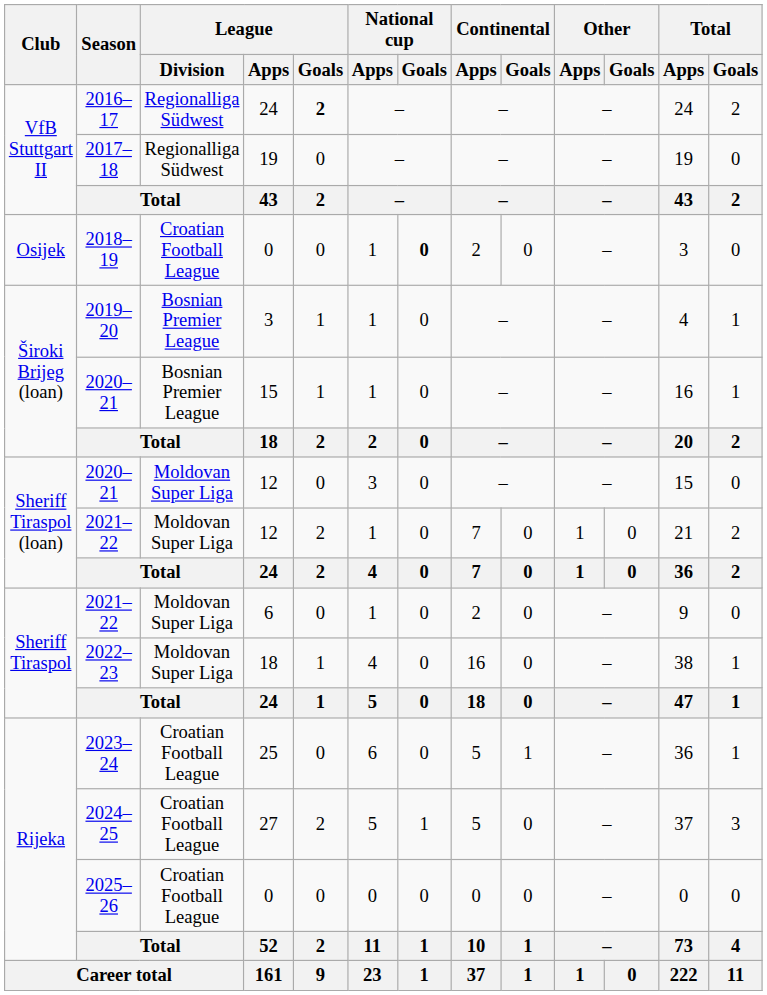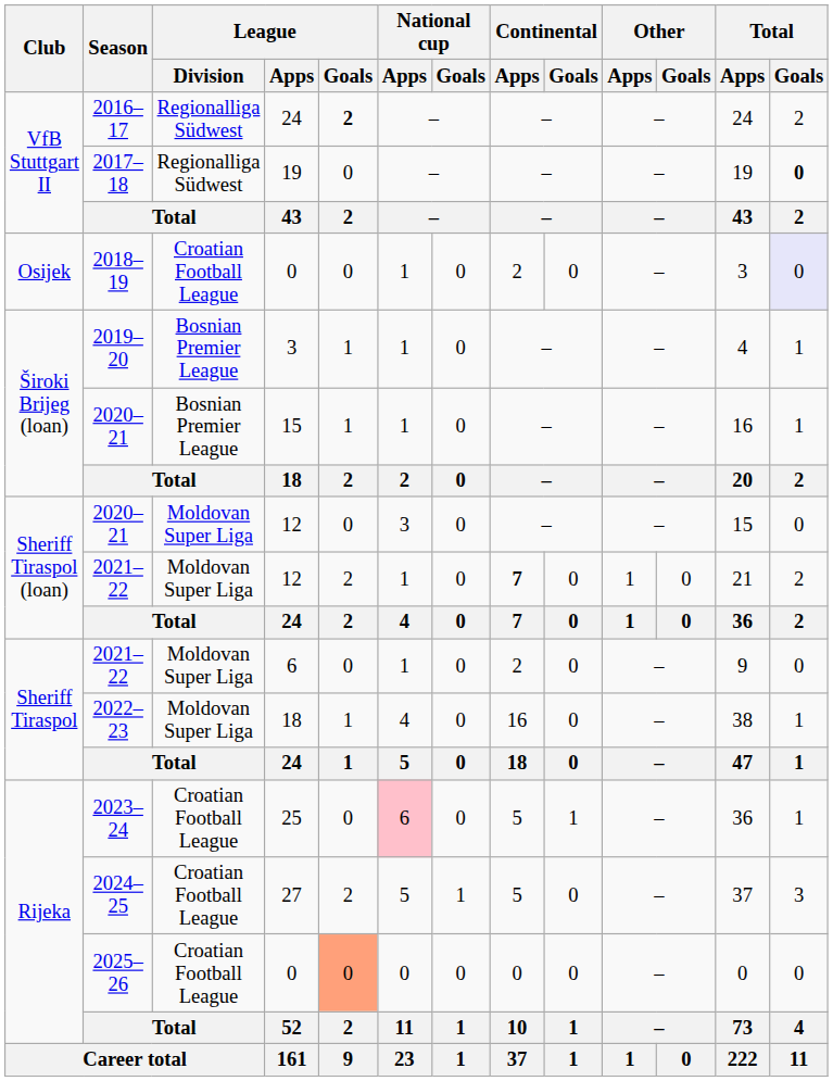 <table class="wikitable" style="text-align:center">
 <tr>
 <th rowspan=2>Club</th>
 <th rowspan=2>Season</th>
 <th colspan=3>League</th>
 <th colspan=2>National cup</th>
 <th colspan=2>Continental</th>
 <th colspan=2>Other</th>
 <th colspan=2>Total</th>
 </tr>
 <tr>
 <th>Division</th>
 <th>Apps</th>
 <th>Goals</th>
 <th>Apps</th>
 <th>Goals</th>
 <th>Apps</th>
 <th>Goals</th>
 <th>Apps</th>
 <th>Goals</th>
 <th>Apps</th>
 <th>Goals</th>
 </tr>
 <tr>
 <td rowspan=3><a href='#'>VfB Stuttgart II</a></td>
 <td><a href='#'>2016–17</a></td>
 <td><a href='#'>Regionalliga Südwest</a></td>
 <td>24</td>
 <td><strong>2</strong></td>
 <td colspan=2>–</td>
 <td colspan=2>–</td>
 <td colspan=2>–</td>
 <td>24</td>
 <td>2</td>
 </tr>
 <tr>
 <td><a href='#'>2017–18</a></td>
 <td>Regionalliga Südwest</td>
 <td>19</td>
 <td>0</td>
 <td colspan=2>–</td>
 <td colspan=2>–</td>
 <td colspan=2>–</td>
 <td>19</td>
-<td>0</td>
+<td><strong>0</strong></td>
 </tr>
 <tr>
 <th colspan=2>Total</th>
 <th>43</th>
 <th>2</th>
 <th colspan=2>–</th>
 <th colspan=2>–</th>
 <th colspan=2>–</th>
 <th>43</th>
 <th>2</th>
 </tr>
 <tr>
 <td><a href='#'>Osijek</a></td>
 <td><a href='#'>2018–19</a></td>
 <td><a href='#'>Croatian Football League</a></td>
 <td>0</td>
 <td>0</td>
 <td>1</td>
-<td><strong>0</strong></td>
+<td>0</td>
 <td>2</td>
 <td>0</td>
 <td colspan=2>–</td>
 <td>3</td>
-<td>0</td>
+<td style="background: lavender;">0</td>
 </tr>
 <tr>
 <td rowspan=3><a href='#'>Široki Brijeg</a> (loan)</td>
 <td><a href='#'>2019–20</a></td>
 <td><a href='#'>Bosnian Premier League</a></td>
 <td>3</td>
 <td>1</td>
 <td>1</td>
 <td>0</td>
 <td colspan=2>–</td>
 <td colspan=2>–</td>
 <td>4</td>
 <td>1</td>
 </tr>
 <tr>
 <td><a href='#'>2020–21</a></td>
 <td>Bosnian Premier League</td>
 <td>15</td>
 <td>1</td>
 <td>1</td>
 <td>0</td>
 <td colspan=2>–</td>
 <td colspan=2>–</td>
 <td>16</td>
 <td>1</td>
 </tr>
 <tr>
 <th colspan=2>Total</th>
 <th>18</th>
 <th>2</th>
 <th>2</th>
 <th>0</th>
 <th colspan=2>–</th>
 <th colspan=2>–</th>
 <th>20</th>
 <th>2</th>
 </tr>
 <tr>
 <td rowspan=3><a href='#'>Sheriff Tiraspol</a> (loan)</td>
 <td><a href='#'>2020–21</a></td>
 <td><a href='#'>Moldovan Super Liga</a></td>
 <td>12</td>
 <td>0</td>
 <td>3</td>
 <td>0</td>
 <td colspan=2>–</td>
 <td colspan=2>–</td>
 <td>15</td>
 <td>0</td>
 </tr>
 <tr>
 <td><a href='#'>2021–22</a></td>
 <td>Moldovan Super Liga</td>
 <td>12</td>
 <td>2</td>
 <td>1</td>
 <td>0</td>
-<td>7</td>
+<td><strong>7</strong></td>
 <td>0</td>
 <td>1</td>
 <td>0</td>
 <td>21</td>
 <td>2</td>
 </tr>
 <tr>
 <th colspan=2>Total</th>
 <th>24</th>
 <th>2</th>
 <th>4</th>
 <th>0</th>
 <th>7</th>
 <th>0</th>
 <th>1</th>
 <th>0</th>
 <th>36</th>
 <th>2</th>
 </tr>
 <tr>
 <td rowspan=3><a href='#'>Sheriff Tiraspol</a></td>
 <td><a href='#'>2021–22</a></td>
 <td>Moldovan Super Liga</td>
 <td>6</td>
 <td>0</td>
 <td>1</td>
 <td>0</td>
 <td>2</td>
 <td>0</td>
 <td colspan=2>–</td>
 <td>9</td>
 <td>0</td>
 </tr>
 <tr>
 <td><a href='#'>2022–23</a></td>
 <td>Moldovan Super Liga</td>
 <td>18</td>
 <td>1</td>
 <td>4</td>
 <td>0</td>
 <td>16</td>
 <td>0</td>
 <td colspan=2>–</td>
 <td>38</td>
 <td>1</td>
 </tr>
 <tr>
 <th colspan=2>Total</th>
 <th>24</th>
 <th>1</th>
 <th>5</th>
 <th>0</th>
 <th>18</th>
 <th>0</th>
 <th colspan=2>–</th>
 <th>47</th>
 <th>1</th>
 </tr>
 <tr>
 <td rowspan=4><a href='#'>Rijeka</a></td>
 <td><a href='#'>2023–24</a></td>
 <td>Croatian Football League</td>
 <td>25</td>
 <td>0</td>
-<td>6</td>
+<td style="background: pink;">6</td>
 <td>0</td>
 <td>5</td>
 <td>1</td>
 <td colspan=2>–</td>
 <td>36</td>
 <td>1</td>
 </tr>
 <tr>
 <td><a href='#'>2024–25</a></td>
 <td>Croatian Football League</td>
 <td>27</td>
 <td>2</td>
 <td>5</td>
 <td>1</td>
 <td>5</td>
 <td>0</td>
 <td colspan=2>–</td>
 <td>37</td>
 <td>3</td>
 </tr>
 <tr>
 <td><a href='#'>2025–26</a></td>
 <td>Croatian Football League</td>
 <td>0</td>
-<td>0</td>
+<td style="background: lightsalmon;">0</td>
 <td>0</td>
 <td>0</td>
 <td>0</td>
 <td>0</td>
 <td colspan=2>–</td>
 <td>0</td>
 <td>0</td>
 </tr>
 <tr>
 <th colspan=2>Total</th>
 <th>52</th>
 <th>2</th>
 <th>11</th>
 <th>1</th>
 <th>10</th>
 <th>1</th>
 <th colspan=2>–</th>
 <th>73</th>
 <th>4</th>
 </tr>
 <tr>
 <th colspan=3>Career total</th>
 <th>161</th>
 <th>9</th>
 <th>23</th>
 <th>1</th>
 <th>37</th>
 <th>1</th>
 <th>1</th>
 <th>0</th>
 <th>222</th>
 <th>11</th>
 </tr>
 </table>
